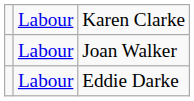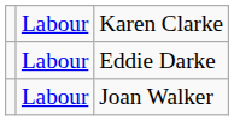 <table class="wikitable">
 <tr>
 <td></td>
 <td><a href='#'>Labour</a></td>
 <td>Karen Clarke</td>
 </tr>
 <tr>
 <td></td>
 <td><a href='#'>Labour</a></td>
-<td>Joan Walker</td>
+<td>Eddie Darke</td>
 </tr>
 <tr>
 <td></td>
 <td><a href='#'>Labour</a></td>
-<td>Eddie Darke</td>
+<td>Joan Walker</td>
 </tr>
 </table>
